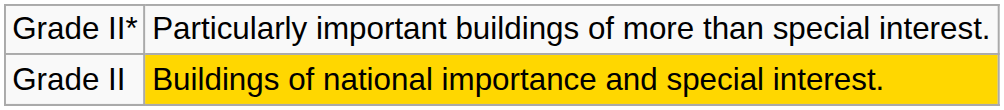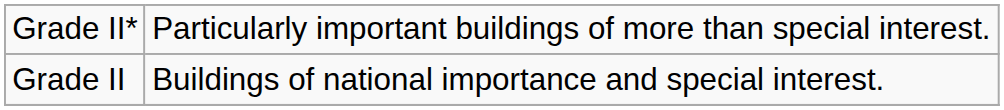 <table class="wikitable" border="1">
 <tr>
 <td>Grade II*</td>
 <td>Particularly important buildings of more than special interest.</td>
 </tr>
 <tr>
 <td>Grade II</td>
-<td style="background: gold;">Buildings of national importance and special interest.</td>
+<td>Buildings of national importance and special interest.</td>
 </tr>
 <tr>
 </tr>
 </table>
